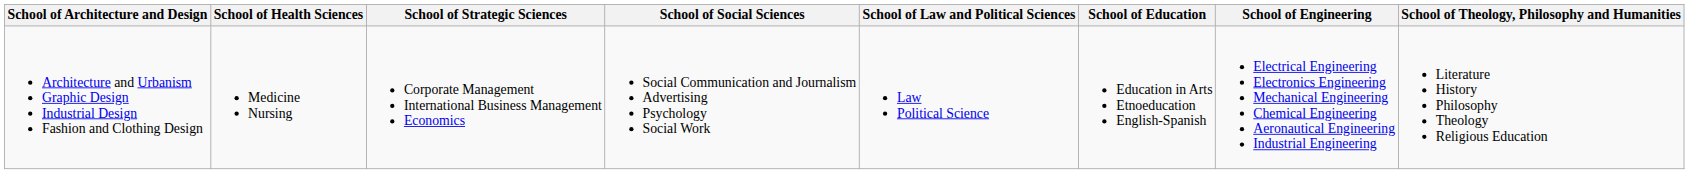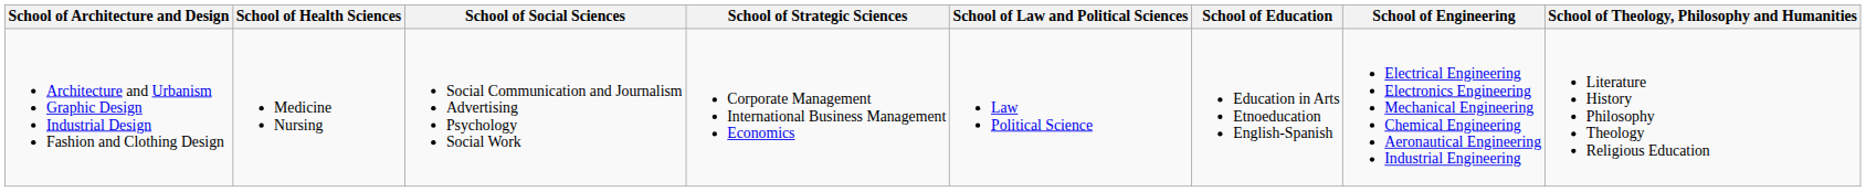 <table class="wikitable">
 <tr>
 <th>School of Architecture and Design</th>
 <th>School of Health Sciences</th>
+<th>School of Social Sciences</th>
 <th>School of Strategic Sciences</th>
-<th>School of Social Sciences</th>
 <th>School of Law and Political Sciences</th>
 <th>School of Education</th>
 <th>School of Engineering</th>
 <th>School of Theology, Philosophy and Humanities</th>
 </tr>
 <tr>
 <td><br><ul><li><a href='#'>Architecture</a> and <a href='#'>Urbanism</a></li><li><a href='#'>Graphic Design</a></li><li><a href='#'>Industrial Design</a></li><li>Fashion and Clothing Design</li></ul></td>
 <td><br><ul><li>Medicine</li><li>Nursing</li></ul></td>
+<td><br><ul><li>Social Communication and Journalism</li><li>Advertising</li><li>Psychology</li><li>Social Work</li></ul></td>
 <td><br><ul><li>Corporate Management</li><li>International Business Management</li><li><a href='#'>Economics</a></li></ul></td>
-<td><br><ul><li>Social Communication and Journalism</li><li>Advertising</li><li>Psychology</li><li>Social Work</li></ul></td>
 <td><br><ul><li><a href='#'>Law</a></li><li><a href='#'>Political Science</a></li></ul></td>
 <td><br><ul><li>Education in Arts</li><li>Etnoeducation</li><li>English-Spanish</li></ul></td>
 <td><br><ul><li><a href='#'>Electrical Engineering</a></li><li><a href='#'>Electronics Engineering</a></li><li><a href='#'>Mechanical Engineering</a></li><li><a href='#'>Chemical Engineering</a></li><li><a href='#'>Aeronautical Engineering</a></li><li><a href='#'>Industrial Engineering</a></li></ul></td>
 <td><br><ul><li>Literature</li><li>History</li><li>Philosophy</li><li>Theology</li><li>Religious Education</li></ul></td>
 </tr>
 </table>
